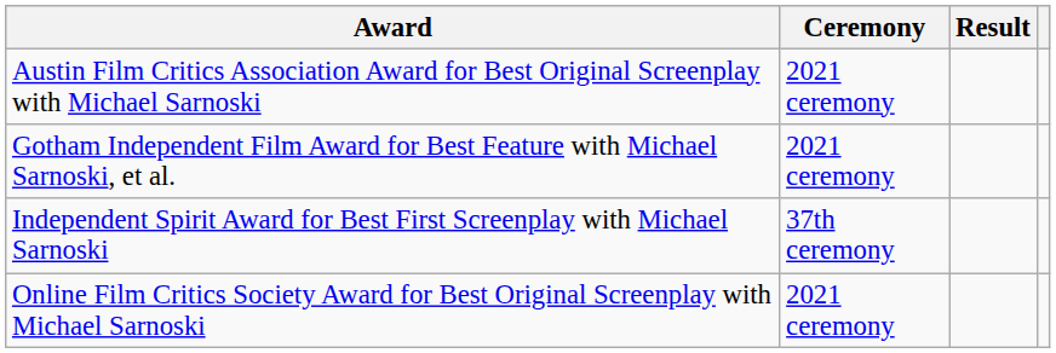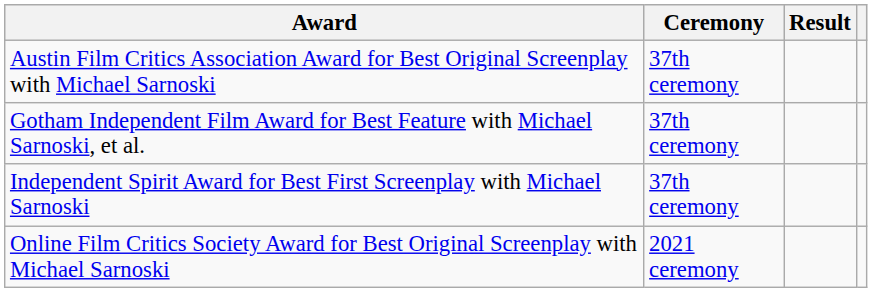 <table class="wikitable sortable">
 <tr style="background:#ccc; text-align:center;">
 <th>Award</th>
 <th scope="col" class="unsortable">Ceremony</th>
 <th>Result</th>
 <th scope="col" class="unsortable"></th>
 </tr>
 <tr>
 <td><a href='#'>Austin Film Critics Association Award for Best Original Screenplay</a> with <a href='#'>Michael Sarnoski</a></td>
-<td><a href='#'>2021 ceremony</a></td>
+<td><a href='#'>37th ceremony</a></td>
 <td></td>
 <td></td>
 </tr>
 <tr>
 <td><a href='#'>Gotham Independent Film Award for Best Feature</a> with <a href='#'>Michael Sarnoski</a>, et al.</td>
-<td><a href='#'>2021 ceremony</a></td>
+<td><a href='#'>37th ceremony</a></td>
 <td></td>
 <td></td>
 </tr>
 <tr>
 <td><a href='#'>Independent Spirit Award for Best First Screenplay</a> with <a href='#'>Michael Sarnoski</a></td>
 <td><a href='#'>37th ceremony</a></td>
 <td></td>
 <td></td>
 </tr>
 <tr>
 <td><a href='#'>Online Film Critics Society Award for Best Original Screenplay</a> with <a href='#'>Michael Sarnoski</a></td>
 <td rowspan = "2"><a href='#'>2021 ceremony</a></td>
 <td></td>
 <td></td>
 </tr>
 </table>
